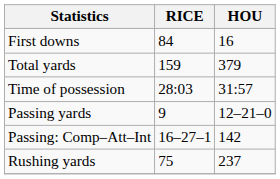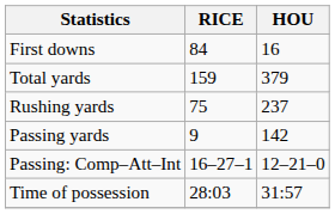 <table class="wikitable" style="float: left;">
 <tr>
 <th>Statistics</th>
 <th>RICE</th>
 <th>HOU</th>
 </tr>
 <tr>
 <td>First downs</td>
 <td>84</td>
 <td>16</td>
 </tr>
 <tr>
 <td>Total yards</td>
 <td>159</td>
 <td>379</td>
 </tr>
 <tr>
+<td>Rushing yards</td>
+<td>75</td>
+<td>237</td>
+</tr>
+<tr>
+<td>Passing yards</td>
+<td>9</td>
+<td>142</td>
+</tr>
+<tr>
+<td>Passing: Comp–Att–Int</td>
+<td>16–27–1</td>
+<td>12–21–0</td>
+</tr>
+<tr>
 <td>Time of possession</td>
 <td>28:03</td>
 <td>31:57</td>
 </tr>
 <tr>
-<td>Passing yards</td>
-<td>9</td>
-<td>12–21–0</td>
-</tr>
-<tr>
-<td>Passing: Comp–Att–Int</td>
-<td>16–27–1</td>
-<td>142</td>
-</tr>
-<tr>
-<td>Rushing yards</td>
-<td>75</td>
-<td>237</td>
-</tr>
-<tr>
 </tr>
 </table>
